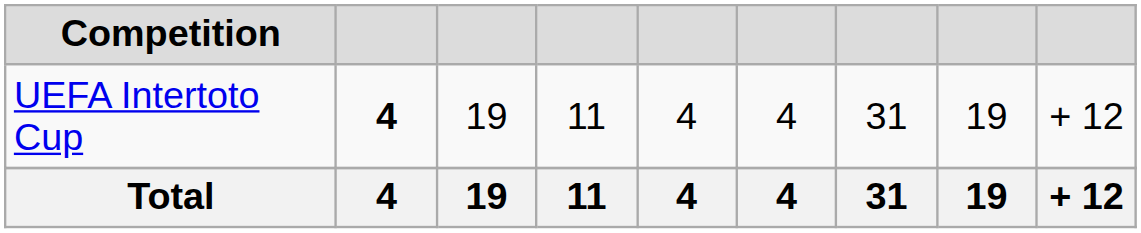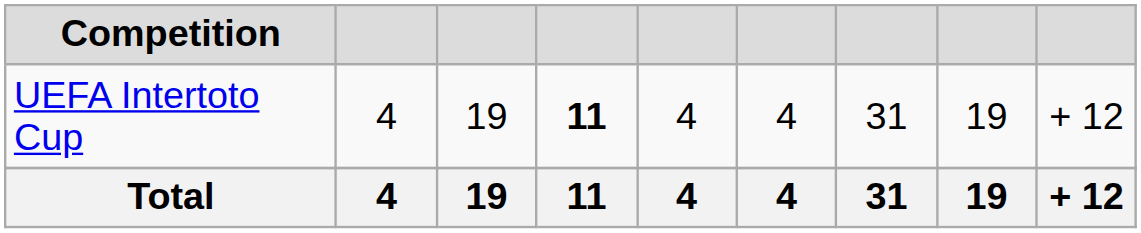 <table class="wikitable" style="text-align: center;">
 <tr>
 <th width="133" style="background:#DCDCDC">Competition</th>
 <th width="35" style="background:#DCDCDC"></th>
 <th width="35" style="background:#DCDCDC"></th>
 <th width="35" style="background:#DCDCDC"></th>
 <th width="35" style="background:#DCDCDC"></th>
 <th width="35" style="background:#DCDCDC"></th>
 <th width="35" style="background:#DCDCDC"></th>
 <th width="35" style="background:#DCDCDC"></th>
 <th width="35" style="background:#DCDCDC"></th>
 </tr>
 <tr>
 <td align=left><a href='#'>UEFA Intertoto Cup</a></td>
-<td><strong>4</strong></td>
+<td>4</td>
 <td>19</td>
-<td>11</td>
+<td><strong>11</strong></td>
 <td>4</td>
 <td>4</td>
 <td>31</td>
 <td>19</td>
 <td>+ 12</td>
 </tr>
 <tr>
 </tr>
 <tr class="sortbottom">
 <th>Total</th>
 <th>4</th>
 <th>19</th>
 <th>11</th>
 <th>4</th>
 <th>4</th>
 <th>31</th>
 <th>19</th>
 <th>+ 12</th>
 </tr>
 </table>
